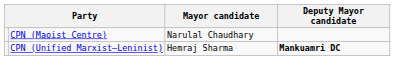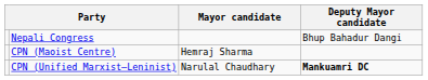 <table class="wikitable">
 <tr>
 <th colspan="2">Party</th>
 <th style="width: 125pt;">Mayor candidate</th>
 <th style="width: 125pt;">Deputy Mayor candidate</th>
 </tr>
 <tr>
 <td style="background-color:"></td>
+<td><a href='#'>Nepali Congress</a></td>
+<td></td>
+<td>Bhup Bahadur Dangi</td>
+</tr>
+<tr>
+<td style="background-color:"></td>
 <td><a href='#'>CPN (Maoist Centre)</a></td>
-<td>Narulal Chaudhary</td>
+<td>Hemraj Sharma</td>
 <td></td>
 </tr>
 <tr>
 <td style="background-color:"></td>
 <td><a href='#'>CPN (Unified Marxist–Leninist)</a></td>
-<td>Hemraj Sharma</td>
+<td>Narulal Chaudhary</td>
 <td><strong>Mankuamri DC</strong></td>
 </tr>
 </table>
